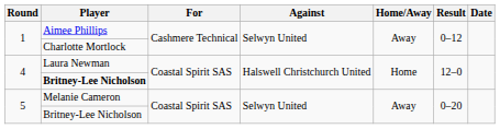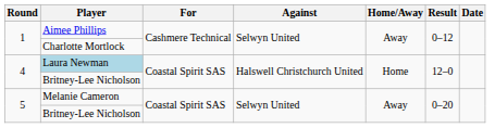 <table class="wikitable">
 <tr>
 <th>Round</th>
 <th>Player</th>
 <th>For</th>
 <th>Against</th>
 <th>Home/Away</th>
 <th style="text-align:center">Result</th>
 <th>Date</th>
 </tr>
 <tr>
 <td style="text-align:center" rowspan=2>1</td>
 <td><a href='#'>Aimee Phillips</a></td>
 <td rowspan=2>Cashmere Technical</td>
 <td rowspan=2>Selwyn United</td>
 <td style="text-align:center" rowspan=2>Away</td>
 <td style="text-align:center" rowspan=2>0–12</td>
 <td rowspan=2></td>
 </tr>
 <tr>
 <td>Charlotte Mortlock</td>
 </tr>
 <tr>
 <td style="text-align:center" rowspan=2>4</td>
-<td>Laura Newman</td>
+<td style="background: lightblue;">Laura Newman</td>
 <td rowspan=2>Coastal Spirit SAS</td>
 <td rowspan=2>Halswell Christchurch United</td>
 <td style="text-align:center" rowspan=2>Home</td>
 <td style="text-align:center" rowspan=2>12–0</td>
 <td rowspan=2></td>
 </tr>
 <tr>
-<td><strong>Britney-Lee Nicholson</strong></td>
+<td>Britney-Lee Nicholson</td>
 </tr>
 <tr>
 <td style="text-align:center" rowspan=2>5</td>
 <td>Melanie Cameron</td>
 <td rowspan=2>Coastal Spirit SAS</td>
 <td rowspan=2>Selwyn United</td>
 <td style="text-align:center" rowspan=2>Away</td>
 <td style="text-align:center" rowspan=2>0–20</td>
 <td rowspan=2></td>
 </tr>
 <tr>
 <td>Britney-Lee Nicholson</td>
 </tr>
 </table>
